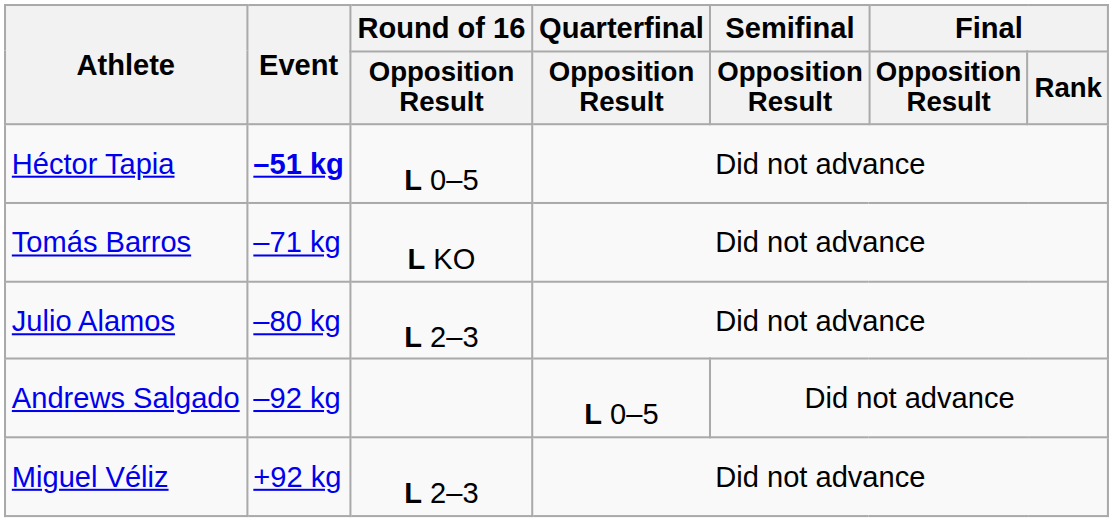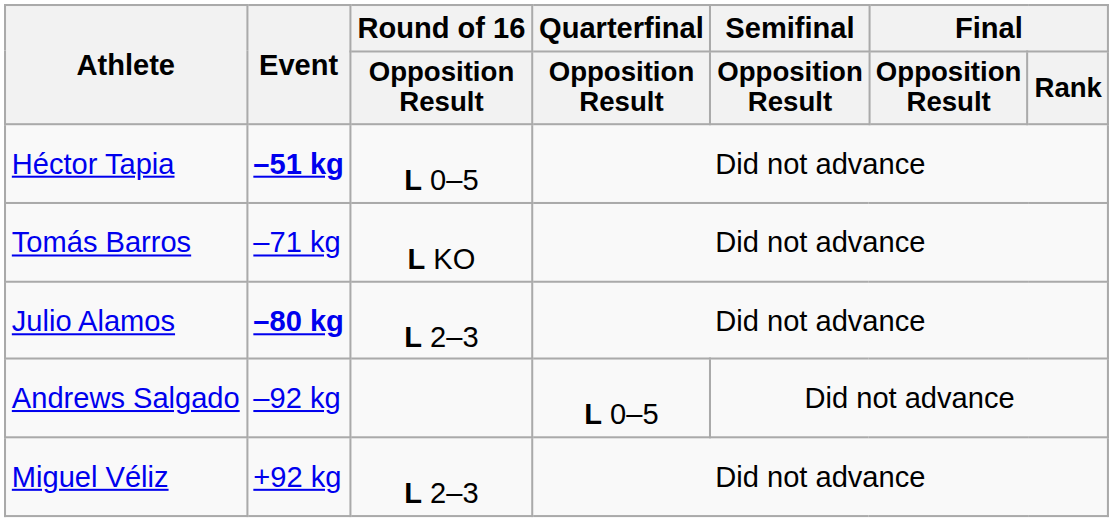 <table class=wikitable style=font-size:90%;text-align:center>
 <tr>
 <th rowspan=2>Athlete</th>
 <th rowspan=2>Event</th>
 <th>Round of 16</th>
 <th>Quarterfinal</th>
 <th>Semifinal</th>
 <th colspan=2>Final</th>
 </tr>
 <tr style=font-size:95%>
 <th>Opposition<br>Result</th>
 <th>Opposition<br>Result</th>
 <th>Opposition<br>Result</th>
 <th>Opposition<br>Result</th>
 <th>Rank</th>
 </tr>
 <tr>
 <td style="text-align:left"><a href='#'>Héctor Tapia</a></td>
 <td style="text-align:left"><strong><a href='#'>–51 kg</a></strong></td>
 <td><br><strong>L</strong> 0–5</td>
 <td colspan=4>Did not advance</td>
 </tr>
 <tr>
 <td style="text-align:left"><a href='#'>Tomás Barros</a></td>
 <td style="text-align:left"><a href='#'>–71 kg</a></td>
 <td><br><strong>L</strong> KO</td>
 <td colspan=4>Did not advance</td>
 </tr>
 <tr>
 <td style="text-align:left"><a href='#'>Julio Alamos</a></td>
-<td style="text-align:left"><a href='#'>–80 kg</a></td>
+<td style="text-align:left"><strong><a href='#'>–80 kg</a></strong></td>
 <td><br><strong>L</strong> 2–3</td>
 <td colspan=4>Did not advance</td>
 </tr>
 <tr>
 <td style="text-align:left"><a href='#'>Andrews Salgado</a></td>
 <td style="text-align:left"><a href='#'>–92 kg</a></td>
 <td></td>
 <td><br><strong>L</strong> 0–5</td>
 <td colspan=3>Did not advance</td>
 </tr>
 <tr>
 <td style="text-align:left"><a href='#'>Miguel Véliz</a></td>
 <td style="text-align:left"><a href='#'>+92 kg</a></td>
 <td><br><strong>L</strong> 2–3</td>
 <td colspan=4>Did not advance</td>
 </tr>
 </table>
